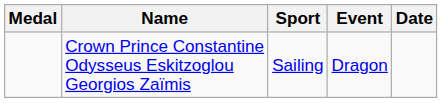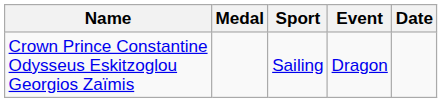 <table class="wikitable sortable" style="font-size:90%">
 <tr>
+<th>Name</th>
 <th>Medal</th>
-<th>Name</th>
 <th>Sport</th>
 <th>Event</th>
 <th>Date</th>
 </tr>
 <tr>
+<td><a href='#'>Crown Prince Constantine</a><br><a href='#'>Odysseus Eskitzoglou</a><br><a href='#'>Georgios Zaïmis</a></td>
 <td></td>
-<td><a href='#'>Crown Prince Constantine</a><br><a href='#'>Odysseus Eskitzoglou</a><br><a href='#'>Georgios Zaïmis</a></td>
 <td><a href='#'>Sailing</a></td>
 <td><a href='#'>Dragon</a></td>
 <td></td>
 </tr>
 </table>
